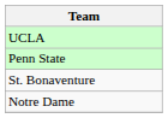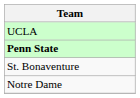 <table class="wikitable" style="text-align: center;">
 <tr>
 <th width="180">Team</th>
 </tr>
 <tr bgcolor=#ccffcc>
 <td align="left">UCLA</td>
 </tr>
 <tr bgcolor=#ccffcc>
-<td align="left">Penn State</td>
+<td align="left"><strong>Penn State</strong></td>
 </tr>
 <tr>
 <td align="left">St. Bonaventure</td>
 </tr>
 <tr>
 <td align="left">Notre Dame</td>
 </tr>
 <tr>
 </tr>
 </table>
